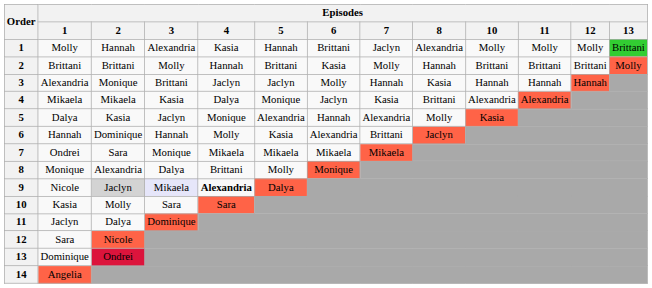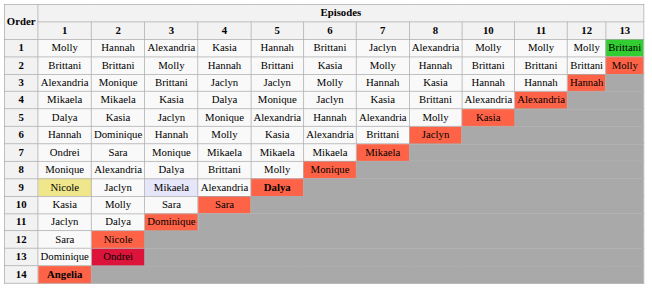 <table class="wikitable" style="text-align:center; font-size:92%">
 <tr>
 <th rowspan=2>Order</th>
 <th colspan="12">Episodes</th>
 </tr>
 <tr>
 <th>1</th>
 <th>2</th>
 <th>3</th>
 <th>4</th>
 <th>5</th>
 <th>6</th>
 <th>7</th>
 <th>8</th>
 <th>10</th>
 <th>11</th>
 <th>12</th>
 <th>13</th>
 </tr>
 <tr>
 <th>1</th>
 <td>Molly</td>
 <td>Hannah</td>
 <td>Alexandria</td>
 <td>Kasia</td>
 <td>Hannah</td>
 <td>Brittani</td>
 <td>Jaclyn</td>
 <td>Alexandria</td>
 <td>Molly</td>
 <td>Molly</td>
 <td>Molly</td>
 <td style="background:limegreen;">Brittani</td>
 </tr>
 <tr>
 <th>2</th>
 <td>Brittani</td>
 <td>Brittani</td>
 <td>Molly</td>
 <td>Hannah</td>
 <td>Brittani</td>
 <td>Kasia</td>
 <td>Molly</td>
 <td>Hannah</td>
 <td>Brittani</td>
 <td>Brittani</td>
 <td>Brittani</td>
 <td style="background:tomato;">Molly</td>
 </tr>
 <tr>
 <th>3</th>
 <td>Alexandria</td>
 <td>Monique</td>
 <td>Brittani</td>
 <td>Jaclyn</td>
 <td>Jaclyn</td>
 <td>Molly</td>
 <td>Hannah</td>
 <td>Kasia</td>
 <td>Hannah</td>
 <td>Hannah</td>
 <td style="background:tomato;">Hannah</td>
 <td style="background:darkgrey;"></td>
 </tr>
 <tr>
 <th>4</th>
 <td>Mikaela</td>
 <td>Mikaela</td>
 <td>Kasia</td>
 <td>Dalya</td>
 <td>Monique</td>
 <td>Jaclyn</td>
 <td>Kasia</td>
 <td>Brittani</td>
 <td>Alexandria</td>
 <td style="background:tomato;">Alexandria</td>
 <td colspan="2" style="background:darkgrey;"></td>
 </tr>
 <tr>
 <th>5</th>
 <td>Dalya</td>
 <td>Kasia</td>
 <td>Jaclyn</td>
 <td>Monique</td>
 <td>Alexandria</td>
 <td>Hannah</td>
 <td>Alexandria</td>
 <td>Molly</td>
 <td style="background:tomato;">Kasia</td>
 <td colspan="3" style="background:darkgrey;"></td>
 </tr>
 <tr>
 <th>6</th>
 <td>Hannah</td>
 <td>Dominique</td>
 <td>Hannah</td>
 <td>Molly</td>
 <td>Kasia</td>
 <td>Alexandria</td>
 <td>Brittani</td>
 <td style="background:tomato;">Jaclyn</td>
 <td colspan="4" style="background:darkgrey;"></td>
 </tr>
 <tr>
 <th>7</th>
 <td>Ondrei</td>
 <td>Sara</td>
 <td>Monique</td>
 <td>Mikaela</td>
 <td>Mikaela</td>
 <td>Mikaela</td>
 <td style="background:tomato;">Mikaela</td>
 <td colspan="5" style="background:darkgrey;"></td>
 </tr>
 <tr>
 <th>8</th>
 <td>Monique</td>
 <td>Alexandria</td>
 <td>Dalya</td>
 <td>Brittani</td>
 <td>Molly</td>
 <td style="background:tomato;">Monique</td>
 <td colspan="6" style="background:darkgrey;"></td>
 </tr>
 <tr>
 <th>9</th>
-<td>Nicole</td>
-<td style="background: lightgrey;">Jaclyn</td>
+<td style="background: khaki;">Nicole</td>
+<td>Jaclyn</td>
 <td style="background: lavender;">Mikaela</td>
-<td><strong>Alexandria</strong></td>
-<td style="background:tomato;">Dalya</td>
+<td>Alexandria</td>
+<td style="background:tomato;"><strong>Dalya</strong></td>
 <td colspan="7" style="background:darkgrey;"></td>
 </tr>
 <tr>
 <th>10</th>
 <td Jacyln>Kasia</td>
 <td>Molly</td>
 <td>Sara</td>
 <td style="background:tomato;">Sara</td>
 <td colspan="8" style="background:darkgrey;"></td>
 </tr>
 <tr>
 <th>11</th>
 <td>Jaclyn</td>
 <td>Dalya</td>
 <td style="background:tomato;">Dominique</td>
 <td colspan="9" style="background:darkgrey;"></td>
 </tr>
 <tr>
 <th>12</th>
 <td>Sara</td>
 <td style="background:tomato;">Nicole</td>
 <td colspan="10" style="background:darkgrey;"></td>
 </tr>
 <tr>
 <th>13</th>
 <td>Dominique</td>
 <td style="background:crimson;"><span>Ondrei</span></td>
 <td colspan="10" style="background:darkgrey;"></td>
 </tr>
 <tr>
 <th>14</th>
-<td style="background:tomato;">Angelia</td>
+<td style="background:tomato;"><strong>Angelia</strong></td>
 <td colspan="11" style="background:darkgrey;"></td>
 </tr>
 </table>
